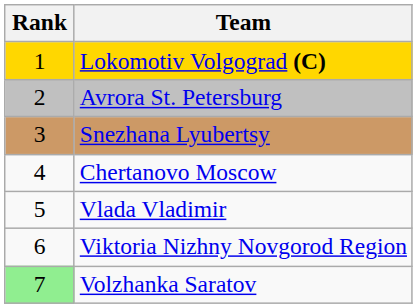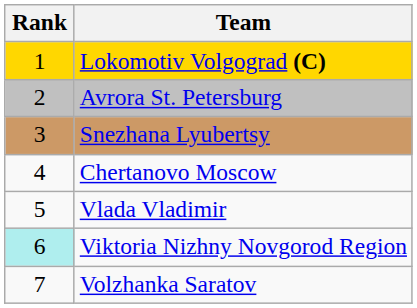 <table class="wikitable" style="text-align: center;">
 <tr>
 <th width=40>Rank</th>
 <th>Team</th>
 </tr>
 <tr style="background:gold">
 <td>1</td>
 <td align=left> <a href='#'>Lokomotiv Volgograd</a> <strong>(C)</strong></td>
 </tr>
 <tr style="background:silver">
 <td>2</td>
 <td align=left> <a href='#'>Avrora St. Petersburg</a></td>
 </tr>
 <tr style="background:#CC9966">
 <td>3</td>
 <td align=left> <a href='#'>Snezhana Lyubertsy</a></td>
 </tr>
 <tr>
 <td>4</td>
 <td align=left> <a href='#'>Chertanovo Moscow</a></td>
 </tr>
 <tr>
 <td>5</td>
 <td align=left> <a href='#'>Vlada Vladimir</a></td>
 </tr>
 <tr>
-<td>6</td>
+<td style="background: paleturquoise;">6</td>
 <td align=left> <a href='#'>Viktoria Nizhny Novgorod Region</a></td>
 </tr>
 <tr>
-<td style="background: lightgreen;">7</td>
+<td>7</td>
 <td align=left> <a href='#'>Volzhanka Saratov</a></td>
 </tr>
 </table>
